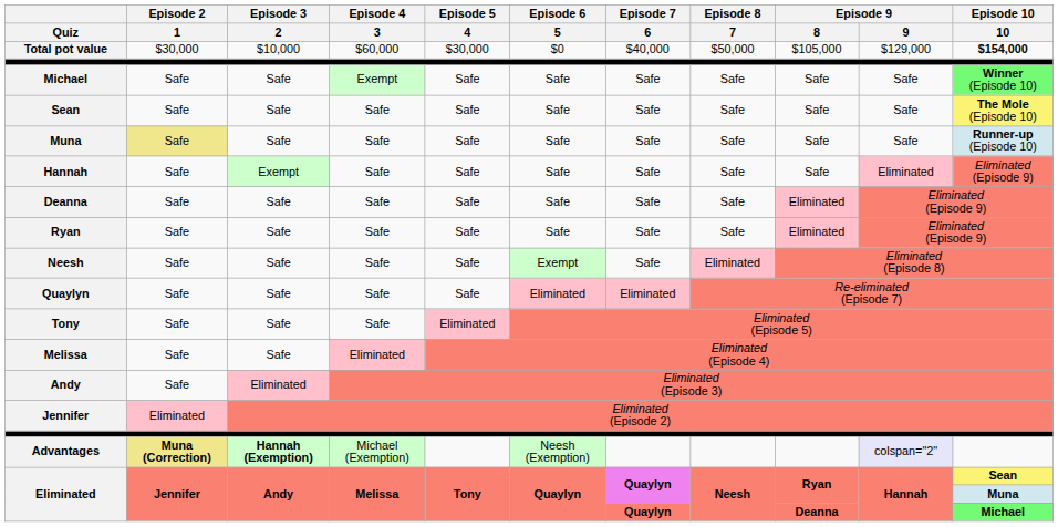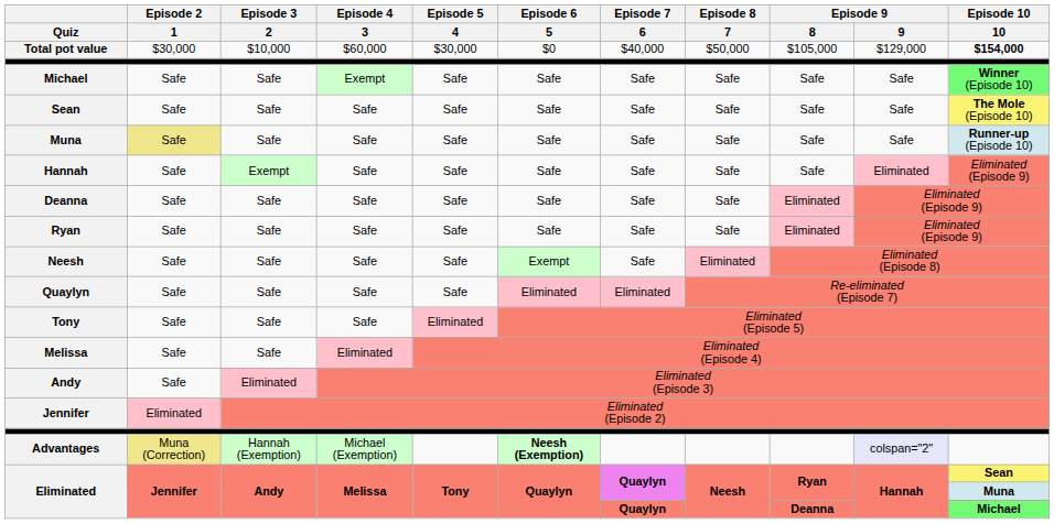 <table class="wikitable"  style="text-align:center; width:100%; font-size:90%; line-height:15px;">
 <tr>
 <th></th>
 <th>Episode 2</th>
 <th>Episode 3</th>
 <th>Episode 4</th>
 <th>Episode 5</th>
 <th>Episode 6</th>
 <th>Episode 7</th>
 <th>Episode 8</th>
 <th colspan="2">Episode 9</th>
 <th>Episode 10 <br> </th>
 </tr>
 <tr>
 <th>Quiz</th>
 <th>1</th>
 <th>2</th>
 <th>3</th>
 <th>4</th>
 <th>5</th>
 <th>6</th>
 <th>7</th>
 <th>8</th>
 <th>9</th>
 <th>10</th>
 </tr>
 <tr>
 <th>Total pot value</th>
 <td>$30,000</td>
 <td>$10,000</td>
 <td>$60,000</td>
 <td>$30,000</td>
 <td>$0</td>
 <td>$40,000</td>
 <td>$50,000</td>
 <td>$105,000</td>
 <td>$129,000</td>
 <td><strong>$154,000</strong></td>
 </tr>
 <tr>
 <td colspan="11" bgcolor="black"></td>
 </tr>
 <tr>
 <th scope="row">Michael</th>
 <td>Safe</td>
 <td>Safe</td>
 <td style="background:#ccffcc;">Exempt</td>
 <td>Safe</td>
 <td>Safe</td>
 <td>Safe</td>
 <td>Safe</td>
 <td>Safe</td>
 <td>Safe</td>
 <td style="background: #73FB76;"><strong>Winner</strong> <br> (Episode 10)</td>
 </tr>
 <tr>
 <th scope="row">Sean</th>
 <td>Safe</td>
 <td>Safe</td>
 <td>Safe</td>
 <td>Safe</td>
 <td>Safe</td>
 <td>Safe</td>
 <td>Safe</td>
 <td>Safe</td>
 <td>Safe</td>
 <td style="background:#fbf373;"><strong>The Mole</strong> <br> (Episode 10)</td>
 </tr>
 <tr>
 <th scope="row">Muna</th>
 <td style="background:khaki;">Safe</td>
 <td>Safe</td>
 <td>Safe</td>
 <td>Safe</td>
 <td>Safe</td>
 <td>Safe</td>
 <td>Safe</td>
 <td>Safe</td>
 <td>Safe</td>
 <td style="background:#D1E8EF;"><strong>Runner-up</strong> <br> (Episode 10)</td>
 </tr>
 <tr>
 <th scope="row">Hannah</th>
 <td>Safe</td>
 <td style="background:#ccffcc">Exempt</td>
 <td>Safe</td>
 <td>Safe</td>
 <td>Safe</td>
 <td>Safe</td>
 <td>Safe</td>
 <td>Safe</td>
 <td style="background:pink;">Eliminated</td>
 <td colspan="1" bgcolor="Salmon"><em>Eliminated</em> <br> (Episode 9)</td>
 </tr>
 <tr>
 <th scope="row">Deanna</th>
 <td>Safe</td>
 <td>Safe</td>
 <td>Safe</td>
 <td>Safe</td>
 <td>Safe</td>
 <td>Safe</td>
 <td>Safe</td>
 <td style="background:pink;">Eliminated</td>
 <td colspan="2" bgcolor="salmon"><em>Eliminated</em> <br> (Episode 9)</td>
 </tr>
 <tr>
 <th scope="row">Ryan</th>
 <td>Safe</td>
 <td>Safe</td>
 <td>Safe</td>
 <td>Safe</td>
 <td>Safe</td>
 <td>Safe</td>
 <td>Safe</td>
 <td style="background:pink;">Eliminated</td>
 <td colspan="2" bgcolor="salmon"><em>Eliminated</em> <br> (Episode 9)</td>
 </tr>
 <tr>
 <th scope="row">Neesh</th>
 <td>Safe</td>
 <td>Safe</td>
 <td>Safe</td>
 <td>Safe</td>
 <td style="background:#ccffcc;">Exempt</td>
 <td>Safe</td>
 <td style="background:pink;">Eliminated</td>
 <td colspan="3" bgcolor="salmon"><em>Eliminated</em> <br> (Episode 8)</td>
 </tr>
 <tr>
 <th scope="row">Quaylyn</th>
 <td>Safe</td>
 <td>Safe</td>
 <td>Safe</td>
 <td>Safe</td>
 <td style="background:pink;">Eliminated</td>
 <td style="background:pink;">Eliminated</td>
 <td colspan="4" bgcolor="salmon"><em>Re-eliminated</em> <br> (Episode 7)</td>
 </tr>
 <tr>
 <th scope="row">Tony</th>
 <td>Safe</td>
 <td>Safe</td>
 <td>Safe</td>
 <td style="background:pink;">Eliminated</td>
 <td colspan="6" bgcolor="salmon"><em>Eliminated</em> <br> (Episode 5)</td>
 </tr>
 <tr>
 <th scope="row">Melissa</th>
 <td>Safe</td>
 <td>Safe</td>
 <td style="background:pink;">Eliminated</td>
 <td colspan="7" bgcolor="salmon"><em>Eliminated</em> <br> (Episode 4)</td>
 </tr>
 <tr>
 <th scope="row">Andy</th>
 <td>Safe</td>
 <td style="background:pink;">Eliminated</td>
 <td colspan="8" bgcolor="salmon"><em>Eliminated</em> <br> (Episode 3)</td>
 </tr>
 <tr>
 <th scope="row">Jennifer</th>
 <td style="background:pink;">Eliminated</td>
 <td colspan="9" bgcolor="salmon"><em>Eliminated</em> <br> (Episode 2)</td>
 </tr>
 <tr>
 <td colspan="11" bgcolor="black"></td>
 </tr>
 <tr>
 <th>Advantages</th>
-<td bgcolor="khaki"><strong>Muna <br> (Correction)</strong></td>
-<td bgcolor="#ccffcc"><strong>Hannah <br> (Exemption)</strong></td>
+<td bgcolor="khaki">Muna <br> (Correction)</td>
+<td bgcolor="#ccffcc">Hannah <br> (Exemption)</td>
 <td bgcolor="#ccffcc">Michael <br> (Exemption)</td>
 <td></td>
-<td bgcolor="#ccffcc">Neesh <br> (Exemption)</td>
+<td bgcolor="#ccffcc"><strong>Neesh <br> (Exemption)</strong></td>
 <td></td>
 <td></td>
 <td></td>
 <td style="background: lavender;">colspan="2" </td>
 </tr>
 <tr>
 <th rowspan="4">Eliminated</th>
 <td rowspan="4" bgcolor="salmon"><strong>Jennifer</strong> <br> </td>
 <td rowspan="4" bgcolor="salmon"><strong>Andy</strong> <br> </td>
 <td rowspan="4" bgcolor="salmon"><strong>Melissa</strong> <br> </td>
 <td rowspan="4" bgcolor="salmon"><strong>Tony</strong> <br> </td>
 <td rowspan="4" bgcolor="salmon"><strong>Quaylyn</strong> <br> </td>
 <td rowspan="2" bgcolor="violet"><strong>Quaylyn</strong> <br> </td>
 <td rowspan="4" bgcolor="salmon"><strong>Neesh</strong> <br> </td>
 <td rowspan="2" bgcolor="salmon"><strong>Ryan</strong> <br> </td>
 <td rowspan="4" bgcolor="salmon"><strong>Hannah</strong> <br> </td>
 <td bgcolor="#fbf373"><strong>Sean</strong> <br> </td>
 </tr>
 <tr>
 <td bgcolor="#D1E8EF"><strong>Muna</strong> <br> </td>
 </tr>
 <tr>
 <td rowspan="2" bgcolor="salmon"><strong>Quaylyn</strong> <br> </td>
 <td rowspan="2" bgcolor="salmon"><strong>Deanna</strong> <br> </td>
 </tr>
 <tr>
 <td rowspan="2" bgcolor="#73FB76"><strong>Michael</strong> <br> </td>
 </tr>
 </table>
